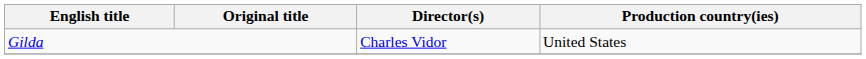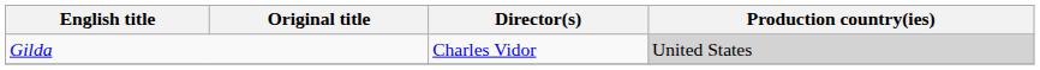 <table class="sortable wikitable" style="width:100%; margin-bottom:4px" cellpadding="5">
 <tr>
 <th scope="col">English title</th>
 <th scope="col">Original title</th>
 <th scope="col">Director(s)</th>
 <th scope="col">Production country(ies)</th>
 </tr>
 <tr>
 <td colspan=2><em><a href='#'>Gilda</a></em></td>
 <td><a href='#'>Charles Vidor</a></td>
-<td>United States</td>
+<td style="background: lightgrey;">United States</td>
 </tr>
 <tr>
 </tr>
 </table>
